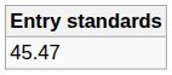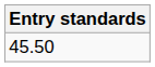 <table class="wikitable" border="1" align="upright">
 <tr>
 <th>Entry standards</th>
 </tr>
 <tr>
-<td>45.47</td>
+<td>45.50</td>
 </tr>
 </table>
